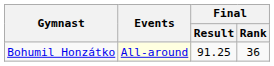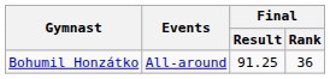 <table class=wikitable style="font-size:90%">
 <tr>
 <th rowspan="2">Gymnast</th>
 <th rowspan="2">Events</th>
 <th colspan="2">Final</th>
 </tr>
 <tr>
 <th>Result</th>
 <th>Rank</th>
 </tr>
 <tr>
 <td><a href='#'>Bohumil Honzátko</a></td>
-<td style="background: lightyellow;"><a href='#'>All-around</a></td>
+<td><a href='#'>All-around</a></td>
 <td align=center>91.25</td>
 <td align=center>36</td>
 </tr>
 </table>
